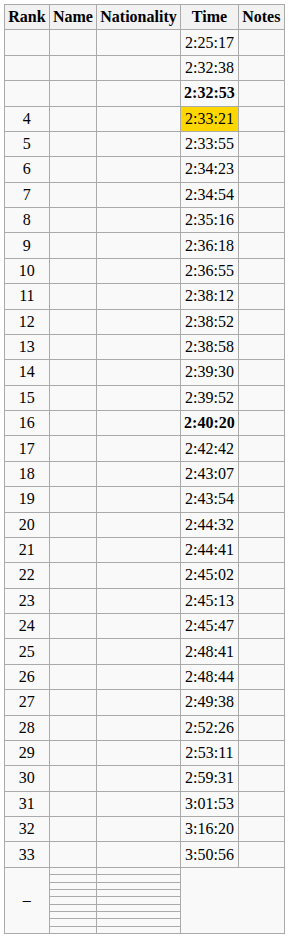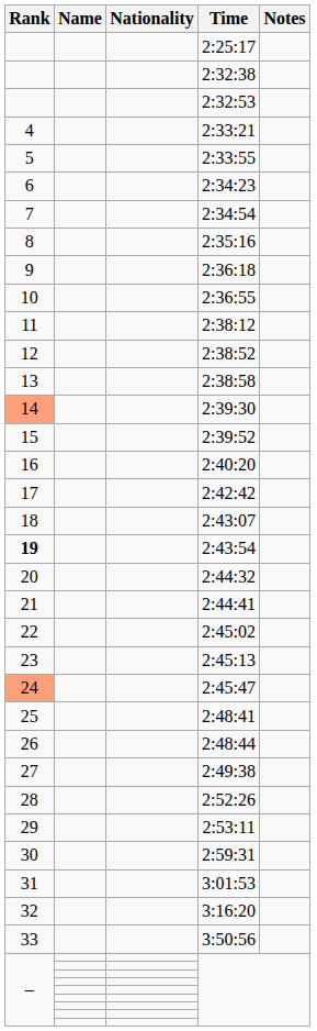 <table class="wikitable sortable" style="text-align:center">
 <tr>
 <th scope="col">Rank</th>
 <th scope="col">Name</th>
 <th scope="col">Nationality</th>
 <th scope="col">Time</th>
 <th scope="col">Notes</th>
 </tr>
 <tr>
 <td scope="row"></td>
 <td align=left></td>
 <td align=left></td>
 <td>2:25:17</td>
 <td></td>
 </tr>
 <tr>
 <td scope="row"></td>
 <td align=left></td>
 <td align=left></td>
 <td>2:32:38</td>
 <td></td>
 </tr>
 <tr>
 <td scope="row"></td>
 <td align=left></td>
 <td align=left></td>
-<td><strong>2:32:53</strong></td>
+<td>2:32:53</td>
 <td></td>
 </tr>
 <tr>
 <td scope="row">4</td>
 <td align=left></td>
 <td align=left></td>
-<td style="background: gold;">2:33:21</td>
+<td>2:33:21</td>
 <td></td>
 </tr>
 <tr>
 <td scope="row">5</td>
 <td align=left></td>
 <td align=left></td>
 <td>2:33:55</td>
 <td></td>
 </tr>
 <tr>
 <td scope="row">6</td>
 <td align=left></td>
 <td align=left></td>
 <td>2:34:23</td>
 <td></td>
 </tr>
 <tr>
 <td scope="row">7</td>
 <td align=left></td>
 <td align=left></td>
 <td>2:34:54</td>
 <td></td>
 </tr>
 <tr>
 <td scope="row">8</td>
 <td align=left></td>
 <td align=left></td>
 <td>2:35:16</td>
 <td></td>
 </tr>
 <tr>
 <td scope="row">9</td>
 <td align=left></td>
 <td align=left></td>
 <td>2:36:18</td>
 <td></td>
 </tr>
 <tr>
 <td scope="row">10</td>
 <td align=left></td>
 <td align=left></td>
 <td>2:36:55</td>
 <td></td>
 </tr>
 <tr>
 <td scope="row">11</td>
 <td align=left></td>
 <td align=left></td>
 <td>2:38:12</td>
 <td></td>
 </tr>
 <tr>
 <td scope="row">12</td>
 <td align=left></td>
 <td align=left></td>
 <td>2:38:52</td>
 <td></td>
 </tr>
 <tr>
 <td scope="row">13</td>
 <td align=left></td>
 <td align=left></td>
 <td>2:38:58</td>
 <td></td>
 </tr>
 <tr>
-<td scope="row">14</td>
+<td scope="row" style="background: lightsalmon;">14</td>
 <td align=left></td>
 <td align=left></td>
 <td>2:39:30</td>
 <td></td>
 </tr>
 <tr>
 <td scope="row">15</td>
 <td align=left></td>
 <td align=left></td>
 <td>2:39:52</td>
 <td></td>
 </tr>
 <tr>
 <td scope="row">16</td>
 <td align=left></td>
 <td align=left></td>
-<td><strong>2:40:20</strong></td>
+<td>2:40:20</td>
 <td></td>
 </tr>
 <tr>
 <td scope="row">17</td>
 <td align=left></td>
 <td align=left></td>
 <td>2:42:42</td>
 <td></td>
 </tr>
 <tr>
 <td scope="row">18</td>
 <td align=left></td>
 <td align=left></td>
 <td>2:43:07</td>
 <td></td>
 </tr>
 <tr>
-<td scope="row">19</td>
+<td scope="row"><strong>19</strong></td>
 <td align=left></td>
 <td align=left></td>
 <td>2:43:54</td>
 <td></td>
 </tr>
 <tr>
 <td scope="row">20</td>
 <td align=left></td>
 <td align=left></td>
 <td>2:44:32</td>
 <td></td>
 </tr>
 <tr>
 <td scope="row">21</td>
 <td align=left></td>
 <td align=left></td>
 <td>2:44:41</td>
 <td></td>
 </tr>
 <tr>
 <td scope="row">22</td>
 <td align=left></td>
 <td align=left></td>
 <td>2:45:02</td>
 <td></td>
 </tr>
 <tr>
 <td scope="row">23</td>
 <td align=left></td>
 <td align=left></td>
 <td>2:45:13</td>
 <td></td>
 </tr>
 <tr>
-<td scope="row">24</td>
+<td scope="row" style="background: lightsalmon;">24</td>
 <td align=left></td>
 <td align=left></td>
 <td>2:45:47</td>
 <td></td>
 </tr>
 <tr>
 <td scope="row">25</td>
 <td align=left></td>
 <td align=left></td>
 <td>2:48:41</td>
 <td></td>
 </tr>
 <tr>
 <td scope="row">26</td>
 <td align=left></td>
 <td align=left></td>
 <td>2:48:44</td>
 <td></td>
 </tr>
 <tr>
 <td scope="row">27</td>
 <td align=left></td>
 <td align=left></td>
 <td>2:49:38</td>
 <td></td>
 </tr>
 <tr>
 <td scope="row">28</td>
 <td align=left></td>
 <td align=left></td>
 <td>2:52:26</td>
 <td></td>
 </tr>
 <tr>
 <td scope="row">29</td>
 <td align=left></td>
 <td align=left></td>
 <td>2:53:11</td>
 <td></td>
 </tr>
 <tr>
 <td scope="row">30</td>
 <td align=left></td>
 <td align=left></td>
 <td>2:59:31</td>
 <td></td>
 </tr>
 <tr>
 <td scope="row">31</td>
 <td align=left></td>
 <td align=left></td>
 <td>3:01:53</td>
 <td></td>
 </tr>
 <tr>
 <td scope="row">32</td>
 <td align=left></td>
 <td align=left></td>
 <td>3:16:20</td>
 <td></td>
 </tr>
 <tr>
 <td scope="row">33</td>
 <td align=left></td>
 <td align=left></td>
 <td>3:50:56</td>
 <td></td>
 </tr>
 <tr>
 <td scope="row" rowspan=9>–</td>
 <td align=left></td>
 <td align=left></td>
 <td rowspan=9 colspan=2></td>
 </tr>
 <tr>
 <td align=left></td>
 <td align=left></td>
 </tr>
 <tr>
 <td align=left></td>
 <td align=left></td>
 </tr>
 <tr>
 <td align=left></td>
 <td align=left></td>
 </tr>
 <tr>
 <td align=left></td>
 <td align=left></td>
 </tr>
 <tr>
 <td align=left></td>
 <td align=left></td>
 </tr>
 <tr>
 <td align=left></td>
 <td align=left></td>
 </tr>
 <tr>
 <td align=left></td>
 <td align=left></td>
 </tr>
 <tr>
 <td align=left></td>
 <td align=left></td>
 </tr>
 </table>
